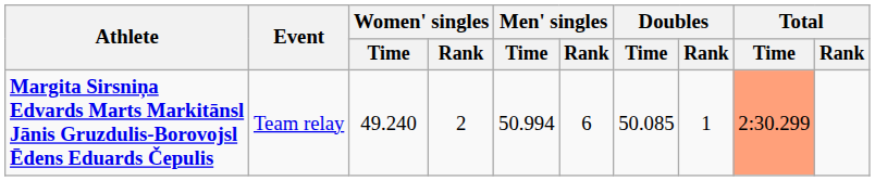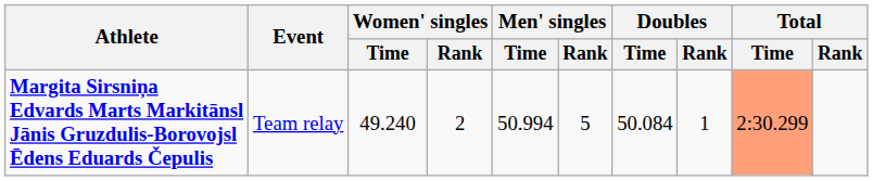 <table class="wikitable" style="font-size:90%">
 <tr>
 <th rowspan="2">Athlete</th>
 <th rowspan="2">Event</th>
 <th colspan="2">Women' singles</th>
 <th colspan="2">Men' singles</th>
 <th colspan="2">Doubles</th>
 <th colspan="2">Total</th>
 </tr>
 <tr style="font-size:95%">
 <th>Time</th>
 <th>Rank</th>
 <th>Time</th>
 <th>Rank</th>
 <th>Time</th>
 <th>Rank</th>
 <th>Time</th>
 <th>Rank</th>
 </tr>
 <tr align="center">
 <td align="left"><strong><a href='#'>Margita Sirsniņa</a><br><a href='#'>Edvards Marts Markitānsl</a><br><a href='#'>Jānis Gruzdulis-Borovojsl</a><br><a href='#'>Ēdens Eduards Čepulis</a></strong></td>
 <td align="left"><a href='#'>Team relay</a></td>
 <td>49.240</td>
 <td>2</td>
 <td>50.994</td>
-<td>6</td>
-<td>50.085</td>
+<td>5</td>
+<td>50.084</td>
 <td>1</td>
 <td style="background: lightsalmon;">2:30.299</td>
 <td></td>
 </tr>
 </table>
